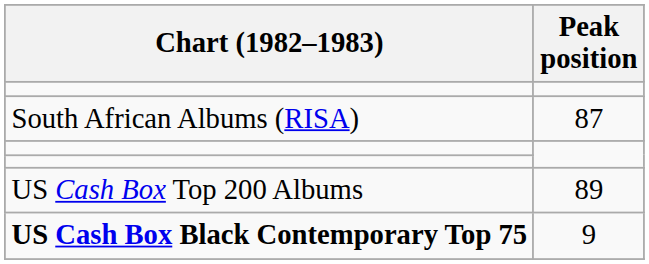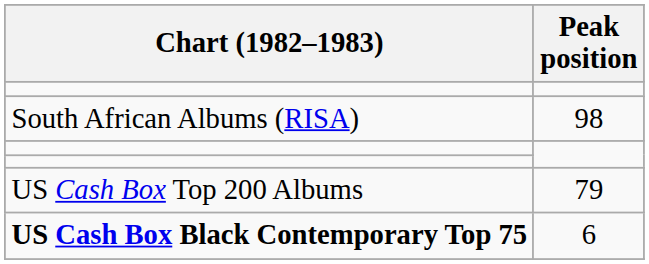 <table class="wikitable sortable">
 <tr>
 <th style="text-align:center;">Chart (1982–1983)</th>
 <th style="text-align:center;">Peak<br>position</th>
 </tr>
 <tr>
 <td></td>
 </tr>
 <tr>
 <td>South African Albums (<a href='#'>RISA</a>)</td>
-<td align="center">87</td>
+<td align="center">98</td>
 </tr>
 <tr>
 <td></td>
 </tr>
 <tr>
 <td></td>
 </tr>
 <tr>
 <td>US <em><a href='#'>Cash Box</a></em> Top 200 Albums</td>
-<td align="center">89</td>
+<td align="center">79</td>
 </tr>
 <tr>
 <td align="left"><strong>US <a href='#'>Cash Box</a> Black Contemporary Top 75 </strong></td>
-<td align="center">9</td>
+<td align="center">6</td>
 </tr>
 </table>
